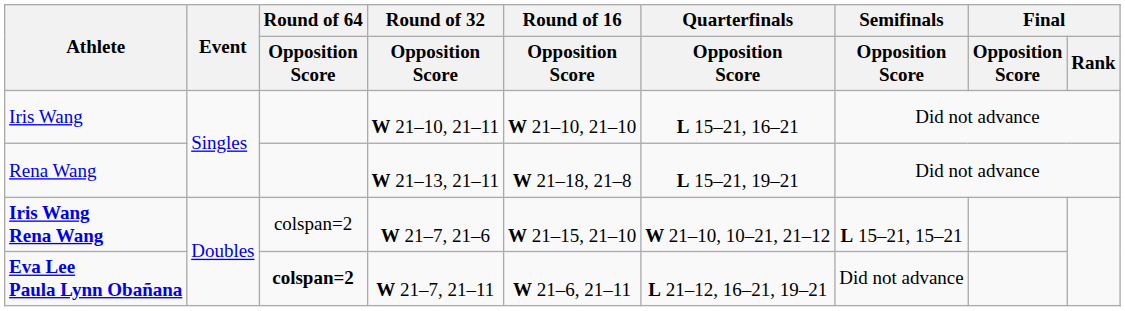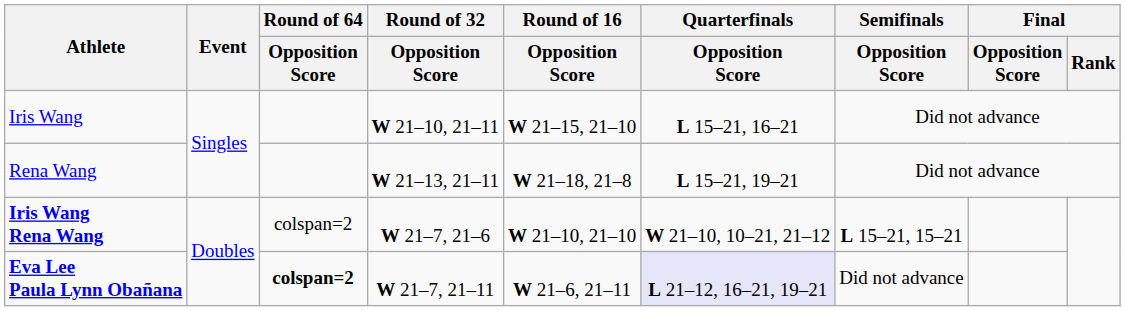 <table class="wikitable" style="font-size:90%">
 <tr>
 <th rowspan=2>Athlete</th>
 <th rowspan=2>Event</th>
 <th>Round of 64</th>
 <th>Round of 32</th>
 <th>Round of 16</th>
 <th>Quarterfinals</th>
 <th>Semifinals</th>
 <th colspan=2>Final</th>
 </tr>
 <tr>
 <th>Opposition<br>Score</th>
 <th>Opposition<br>Score</th>
 <th>Opposition<br>Score</th>
 <th>Opposition<br>Score</th>
 <th>Opposition<br>Score</th>
 <th>Opposition<br>Score</th>
 <th>Rank</th>
 </tr>
 <tr align=center>
 <td align=left><a href='#'>Iris Wang</a></td>
 <td align=left rowspan=2><a href='#'>Singles</a></td>
 <td></td>
 <td><br><strong>W</strong> 21–10, 21–11</td>
-<td><br><strong>W</strong> 21–10, 21–10</td>
+<td><br><strong>W</strong> 21–15, 21–10</td>
 <td><br><strong>L</strong> 15–21, 16–21</td>
 <td colspan=3>Did not advance</td>
 </tr>
 <tr align=center>
 <td align=left><a href='#'>Rena Wang</a></td>
 <td></td>
 <td><br><strong>W</strong> 21–13, 21–11</td>
 <td><br><strong>W</strong> 21–18, 21–8</td>
 <td><br><strong>L</strong> 15–21, 19–21</td>
 <td colspan=3>Did not advance</td>
 </tr>
 <tr align=center>
 <td align=left><strong><a href='#'>Iris Wang</a><br><a href='#'>Rena Wang</a></strong></td>
 <td align=left rowspan=2><a href='#'>Doubles</a></td>
 <td>colspan=2 </td>
 <td><br><strong>W</strong> 21–7, 21–6</td>
-<td><br><strong>W</strong> 21–15, 21–10</td>
+<td><br><strong>W</strong> 21–10, 21–10</td>
 <td><br><strong>W</strong> 21–10, 10–21, 21–12</td>
 <td><br><strong>L</strong> 15–21, 15–21</td>
 <td></td>
 </tr>
 <tr align=center>
 <td align=left><strong><a href='#'>Eva Lee</a><br><a href='#'>Paula Lynn Obañana</a></strong></td>
 <td><strong>colspan=2 </strong></td>
 <td><br><strong>W</strong> 21–7, 21–11</td>
 <td><br><strong>W</strong> 21–6, 21–11</td>
-<td><br><strong>L</strong> 21–12, 16–21, 19–21</td>
+<td style="background: lavender;"><br><strong>L</strong> 21–12, 16–21, 19–21</td>
 <td>Did not advance</td>
 <td></td>
 </tr>
 </table>
